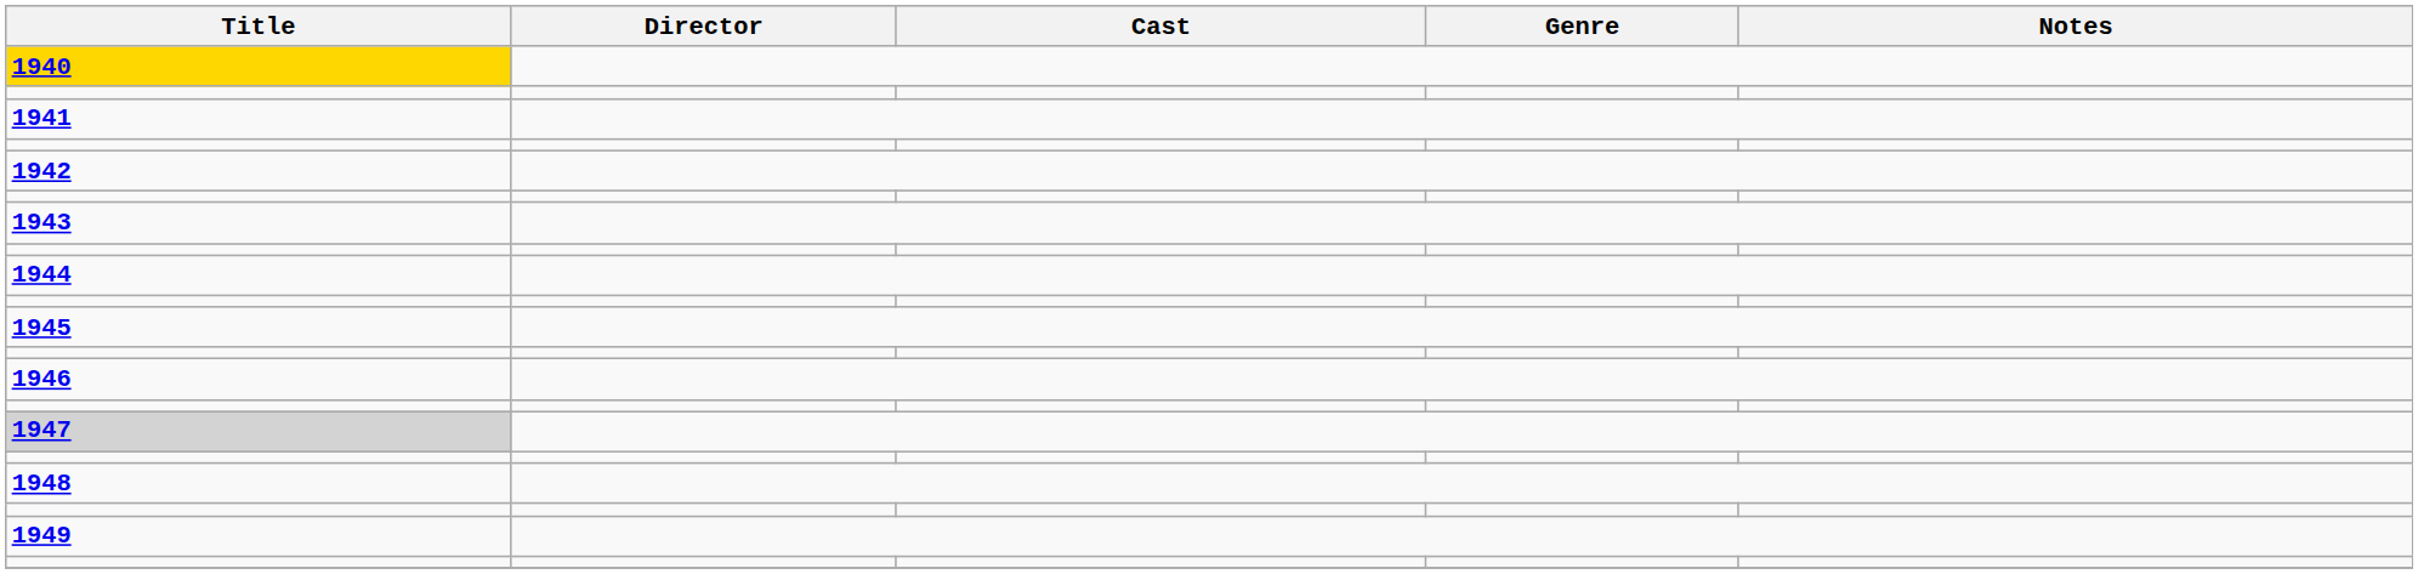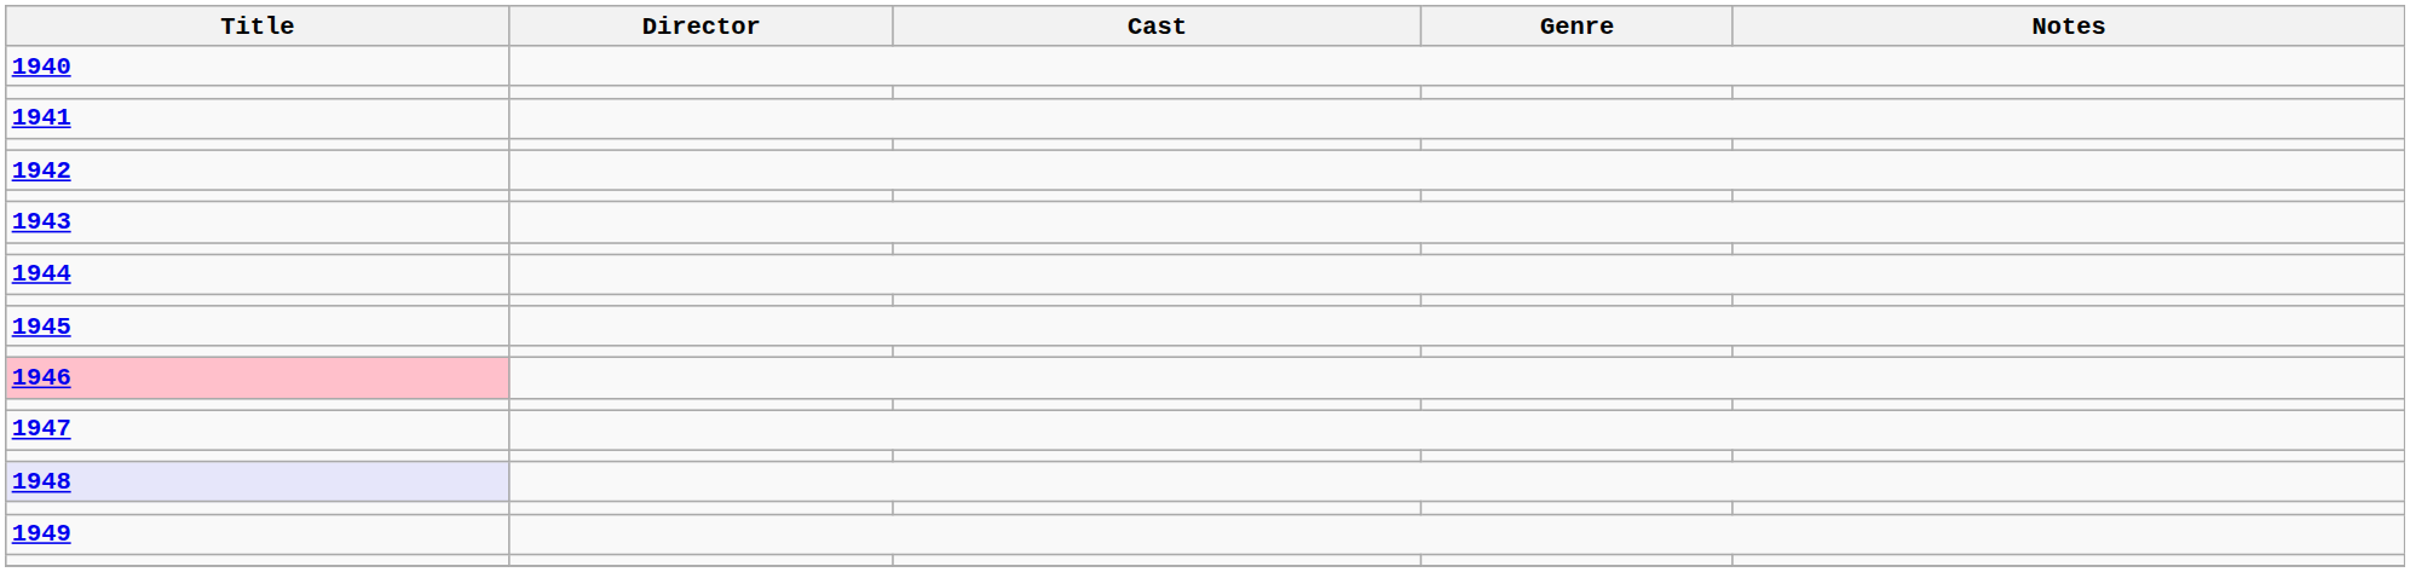 <table class="wikitable" width= "100%">
 <tr>
 <th width=21%>Title</th>
 <th width=16%>Director</th>
 <th width=22%>Cast</th>
 <th width=13%>Genre</th>
 <th width=28%>Notes</th>
 </tr>
 <tr>
-<td style="background: gold;"><strong><a href='#'>1940</a></strong></td>
+<td><strong><a href='#'>1940</a></strong></td>
 </tr>
 <tr>
 <td></td>
 <td></td>
 <td></td>
 <td></td>
 <td></td>
 </tr>
 <tr>
 <td><strong><a href='#'>1941</a></strong></td>
 </tr>
 <tr>
 <td></td>
 <td></td>
 <td></td>
 <td></td>
 <td></td>
 </tr>
 <tr>
 <td><strong><a href='#'>1942</a></strong></td>
 </tr>
 <tr>
 <td></td>
 <td></td>
 <td></td>
 <td></td>
 <td></td>
 </tr>
 <tr>
 <td><strong><a href='#'>1943</a></strong></td>
 </tr>
 <tr>
 <td></td>
 <td></td>
 <td></td>
 <td></td>
 <td></td>
 </tr>
 <tr>
 <td><strong><a href='#'>1944</a></strong></td>
 </tr>
 <tr>
 <td></td>
 <td></td>
 <td></td>
 <td></td>
 <td></td>
 </tr>
 <tr>
 <td><strong><a href='#'>1945</a></strong></td>
 </tr>
 <tr>
 <td></td>
 <td></td>
 <td></td>
 <td></td>
 <td></td>
 </tr>
 <tr>
-<td><strong><a href='#'>1946</a></strong></td>
+<td style="background: pink;"><strong><a href='#'>1946</a></strong></td>
 </tr>
 <tr>
 <td></td>
 <td></td>
 <td></td>
 <td></td>
 <td></td>
 </tr>
 <tr>
-<td style="background: lightgrey;"><strong><a href='#'>1947</a></strong></td>
+<td><strong><a href='#'>1947</a></strong></td>
 </tr>
 <tr>
 <td></td>
 <td></td>
 <td></td>
 <td></td>
 <td></td>
 </tr>
 <tr>
-<td><strong><a href='#'>1948</a></strong></td>
+<td style="background: lavender;"><strong><a href='#'>1948</a></strong></td>
 </tr>
 <tr>
 <td></td>
 <td></td>
 <td></td>
 <td></td>
 <td></td>
 </tr>
 <tr>
 <td><strong><a href='#'>1949</a></strong></td>
 </tr>
 <tr>
 <td></td>
 <td></td>
 <td></td>
 <td></td>
 <td></td>
 </tr>
 <tr>
 </tr>
 </table>
